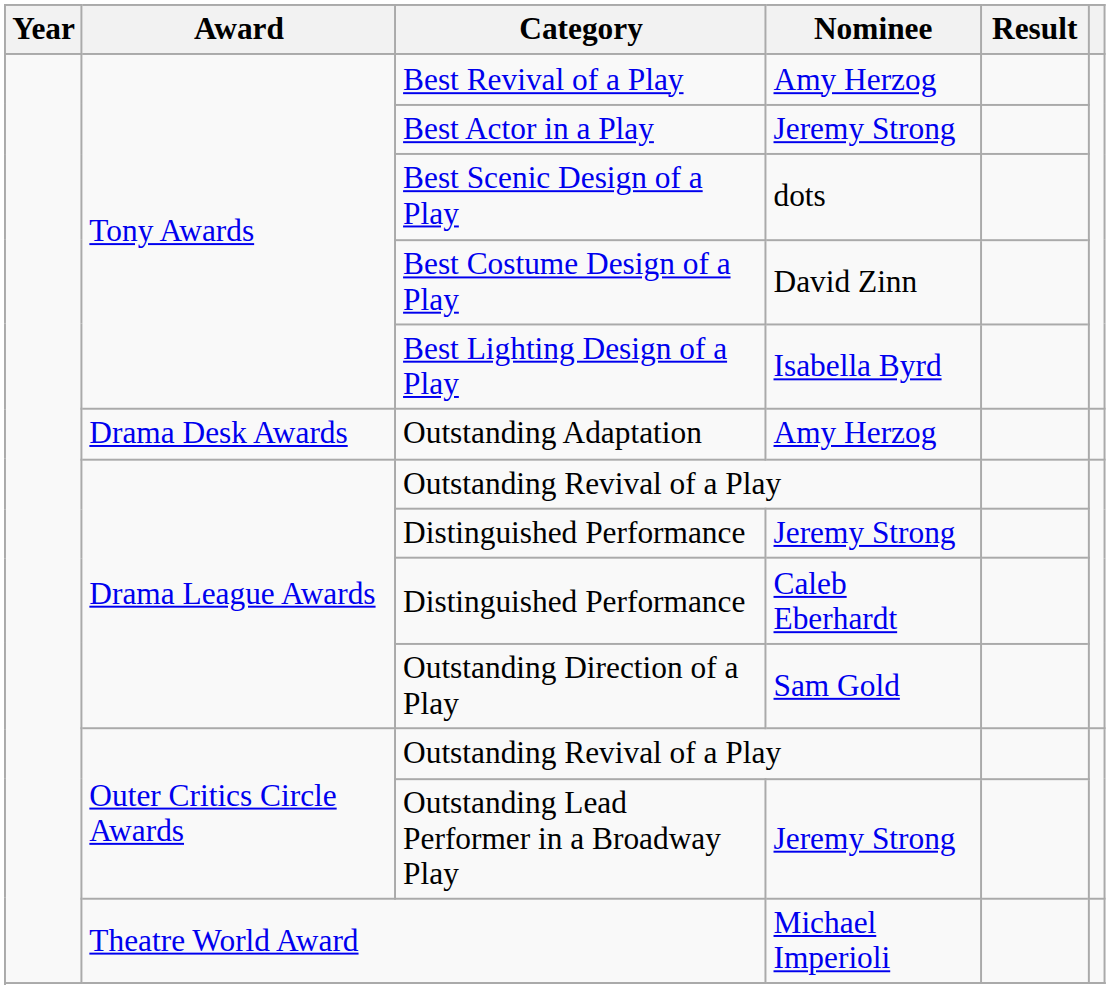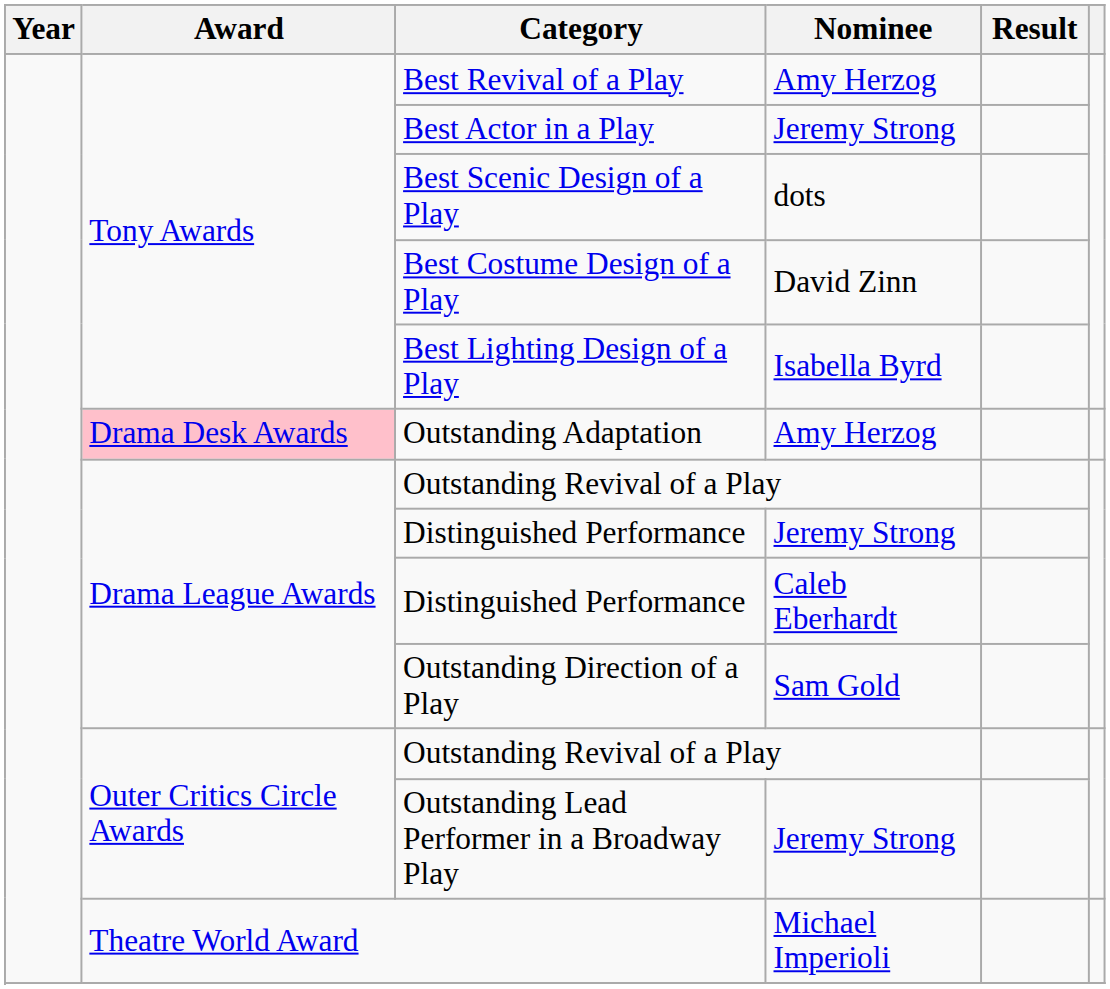 <table class="wikitable" width="90%">
 <tr>
 <th width="5%">Year</th>
 <th width="30%">Award</th>
 <th width="35%">Category</th>
 <th width="20%">Nominee</th>
 <th width="10%">Result</th>
 <th class=unsortable></th>
 </tr>
 <tr>
 <td rowspan=15></td>
 <td rowspan=5><a href='#'>Tony Awards</a></td>
 <td><a href='#'>Best Revival of a Play</a></td>
 <td><a href='#'>Amy Herzog</a></td>
 <td></td>
 <td rowspan=5></td>
 </tr>
 <tr>
 <td><a href='#'>Best Actor in a Play</a></td>
 <td><a href='#'>Jeremy Strong</a></td>
 <td></td>
 </tr>
 <tr>
 <td><a href='#'>Best Scenic Design of a Play</a></td>
 <td>dots</td>
 <td></td>
 </tr>
 <tr>
 <td><a href='#'>Best Costume Design of a Play</a></td>
 <td>David Zinn</td>
 <td></td>
 </tr>
 <tr>
 <td><a href='#'>Best Lighting Design of a Play</a></td>
 <td><a href='#'>Isabella Byrd</a></td>
 <td></td>
 </tr>
 <tr>
-<td><a href='#'>Drama Desk Awards</a></td>
+<td style="background: pink;"><a href='#'>Drama Desk Awards</a></td>
 <td>Outstanding Adaptation</td>
 <td><a href='#'>Amy Herzog</a></td>
 <td></td>
 <td></td>
 </tr>
 <tr>
 <td rowspan=4><a href='#'>Drama League Awards</a></td>
 <td colspan=2>Outstanding Revival of a Play</td>
 <td></td>
 <td rowspan=4></td>
 </tr>
 <tr>
 <td>Distinguished Performance</td>
 <td><a href='#'>Jeremy Strong</a></td>
 <td></td>
 </tr>
 <tr>
 <td>Distinguished Performance</td>
 <td><a href='#'>Caleb Eberhardt</a></td>
 <td></td>
 </tr>
 <tr>
 <td>Outstanding Direction of a Play</td>
 <td><a href='#'>Sam Gold</a></td>
 <td></td>
 </tr>
 <tr>
 <td rowspan=2><a href='#'>Outer Critics Circle Awards</a></td>
 <td colspan=2>Outstanding Revival of a Play</td>
 <td></td>
 <td rowspan=2></td>
 </tr>
 <tr>
 <td>Outstanding Lead Performer in a Broadway Play</td>
 <td><a href='#'>Jeremy Strong</a></td>
 <td></td>
 </tr>
 <tr>
 <td colspan="2"><a href='#'>Theatre World Award</a></td>
 <td><a href='#'>Michael Imperioli</a></td>
 <td></td>
 <td></td>
 </tr>
 <tr>
 </tr>
 </table>
